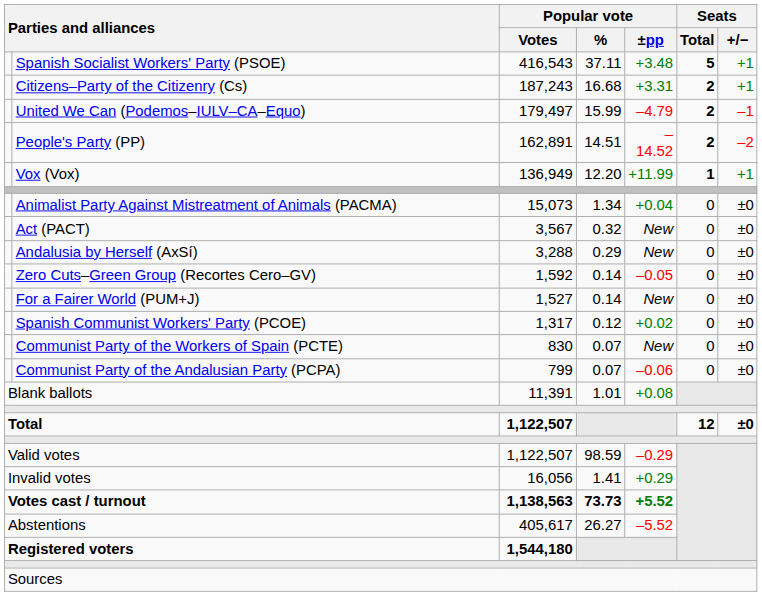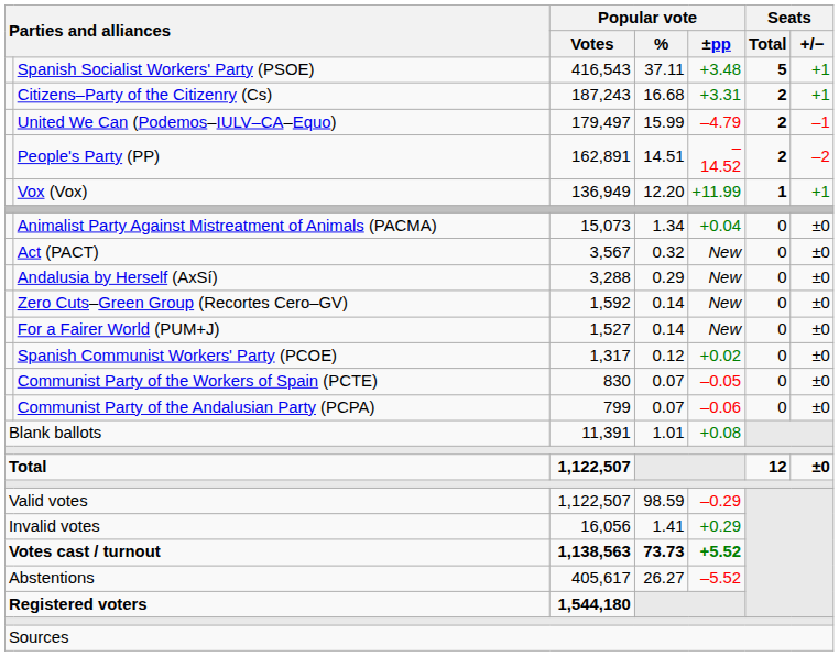 <table class="wikitable" style="text-align:right;">
 <tr>
 <th style="text-align:left;" rowspan="2" colspan="2" width="525">Parties and alliances</th>
 <th colspan="3">Popular vote</th>
 <th colspan="2">Seats</th>
 </tr>
 <tr>
 <th width="75">Votes</th>
 <th width="45">%</th>
 <th width="45">±<a href='#'>pp</a></th>
 <th width="35">Total</th>
 <th width="35">+/−</th>
 </tr>
 <tr>
 <td width="1" style="color:inherit;background:"></td>
 <td align="left"><a href='#'>Spanish Socialist Workers' Party</a> (PSOE)</td>
 <td>416,543</td>
 <td>37.11</td>
 <td style="color:green;">+3.48</td>
 <td><strong>5</strong></td>
 <td style="color:green;">+1</td>
 </tr>
 <tr>
 <td style="color:inherit;background:"></td>
 <td align="left"><a href='#'>Citizens–Party of the Citizenry</a> (Cs)</td>
 <td>187,243</td>
 <td>16.68</td>
 <td style="color:green;">+3.31</td>
 <td><strong>2</strong></td>
 <td style="color:green;">+1</td>
 </tr>
 <tr>
 <td style="color:inherit;background:"></td>
 <td align="left"><a href='#'>United We Can</a> (<a href='#'>Podemos</a>–<a href='#'>IULV–CA</a>–<a href='#'>Equo</a>)</td>
 <td>179,497</td>
 <td>15.99</td>
 <td style="color:red;">–4.79</td>
 <td><strong>2</strong></td>
 <td style="color:red;">–1</td>
 </tr>
 <tr>
 <td style="color:inherit;background:"></td>
 <td align="left"><a href='#'>People's Party</a> (PP)</td>
 <td>162,891</td>
 <td>14.51</td>
 <td style="color:red;">–14.52</td>
 <td><strong>2</strong></td>
 <td style="color:red;">–2</td>
 </tr>
 <tr>
 <td style="color:inherit;background:"></td>
 <td align="left"><a href='#'>Vox</a> (Vox)</td>
 <td>136,949</td>
 <td>12.20</td>
 <td style="color:green;">+11.99</td>
 <td><strong>1</strong></td>
 <td style="color:green;">+1</td>
 </tr>
 <tr>
 <td colspan="7" bgcolor="#C0C0C0"></td>
 </tr>
 <tr>
 <td style="color:inherit;background:"></td>
 <td align="left"><a href='#'>Animalist Party Against Mistreatment of Animals</a> (PACMA)</td>
 <td>15,073</td>
 <td>1.34</td>
 <td style="color:green;">+0.04</td>
 <td>0</td>
 <td>±0</td>
 </tr>
 <tr>
 <td style="color:inherit;background:"></td>
 <td align="left"><a href='#'>Act</a> (PACT)</td>
 <td>3,567</td>
 <td>0.32</td>
 <td><em>New</em></td>
 <td>0</td>
 <td>±0</td>
 </tr>
 <tr>
 <td style="color:inherit;background:"></td>
 <td align="left"><a href='#'>Andalusia by Herself</a> (AxSí)</td>
 <td>3,288</td>
 <td>0.29</td>
 <td><em>New</em></td>
 <td>0</td>
 <td>±0</td>
 </tr>
 <tr>
 <td style="color:inherit;background:"></td>
 <td align="left"><a href='#'>Zero Cuts</a>–<a href='#'>Green Group</a> (Recortes Cero–GV)</td>
 <td>1,592</td>
 <td>0.14</td>
-<td style="color:red;">–0.05</td>
+<td><em>New</em></td>
 <td>0</td>
 <td>±0</td>
 </tr>
 <tr>
 <td style="color:inherit;background:"></td>
 <td align="left"><a href='#'>For a Fairer World</a> (PUM+J)</td>
 <td>1,527</td>
 <td>0.14</td>
 <td><em>New</em></td>
 <td>0</td>
 <td>±0</td>
 </tr>
 <tr>
 <td style="color:inherit;background:"></td>
 <td align="left"><a href='#'>Spanish Communist Workers' Party</a> (PCOE)</td>
 <td>1,317</td>
 <td>0.12</td>
 <td style="color:green;">+0.02</td>
 <td>0</td>
 <td>±0</td>
 </tr>
 <tr>
 <td style="color:inherit;background:"></td>
 <td align="left"><a href='#'>Communist Party of the Workers of Spain</a> (PCTE)</td>
 <td>830</td>
 <td>0.07</td>
-<td><em>New</em></td>
+<td style="color:red;">–0.05</td>
 <td>0</td>
 <td>±0</td>
 </tr>
 <tr>
 <td style="color:inherit;background:"></td>
 <td align="left"><a href='#'>Communist Party of the Andalusian Party</a> (PCPA)</td>
 <td>799</td>
 <td>0.07</td>
 <td style="color:red;">–0.06</td>
 <td>0</td>
 <td>±0</td>
 </tr>
 <tr>
 <td align="left" colspan="2">Blank ballots</td>
 <td>11,391</td>
 <td>1.01</td>
 <td style="color:green;">+0.08</td>
 <td bgcolor="#E9E9E9" colspan="2"></td>
 </tr>
 <tr>
 <td colspan="7" bgcolor="#E9E9E9"></td>
 </tr>
 <tr style="font-weight:bold;">
 <td align="left" colspan="2">Total</td>
 <td>1,122,507</td>
 <td bgcolor="#E9E9E9" colspan="2"></td>
 <td>12</td>
 <td>±0</td>
 </tr>
 <tr>
 <td colspan="7" bgcolor="#E9E9E9"></td>
 </tr>
 <tr>
 <td align="left" colspan="2">Valid votes</td>
 <td>1,122,507</td>
 <td>98.59</td>
 <td style="color:red;">–0.29</td>
 <td bgcolor="#E9E9E9" colspan="2" rowspan="5"></td>
 </tr>
 <tr>
 <td align="left" colspan="2">Invalid votes</td>
 <td>16,056</td>
 <td>1.41</td>
 <td style="color:green;">+0.29</td>
 </tr>
 <tr style="font-weight:bold;">
 <td align="left" colspan="2">Votes cast / turnout</td>
 <td>1,138,563</td>
 <td>73.73</td>
 <td style="color:green;">+5.52</td>
 </tr>
 <tr>
 <td align="left" colspan="2">Abstentions</td>
 <td>405,617</td>
 <td>26.27</td>
 <td style="color:red;">–5.52</td>
 </tr>
 <tr style="font-weight:bold;">
 <td align="left" colspan="2">Registered voters</td>
 <td>1,544,180</td>
 <td bgcolor="#E9E9E9" colspan="2"></td>
 </tr>
 <tr>
 <td colspan="7" bgcolor="#E9E9E9"></td>
 </tr>
 <tr>
 <td align="left" colspan="7">Sources</td>
 </tr>
 </table>
